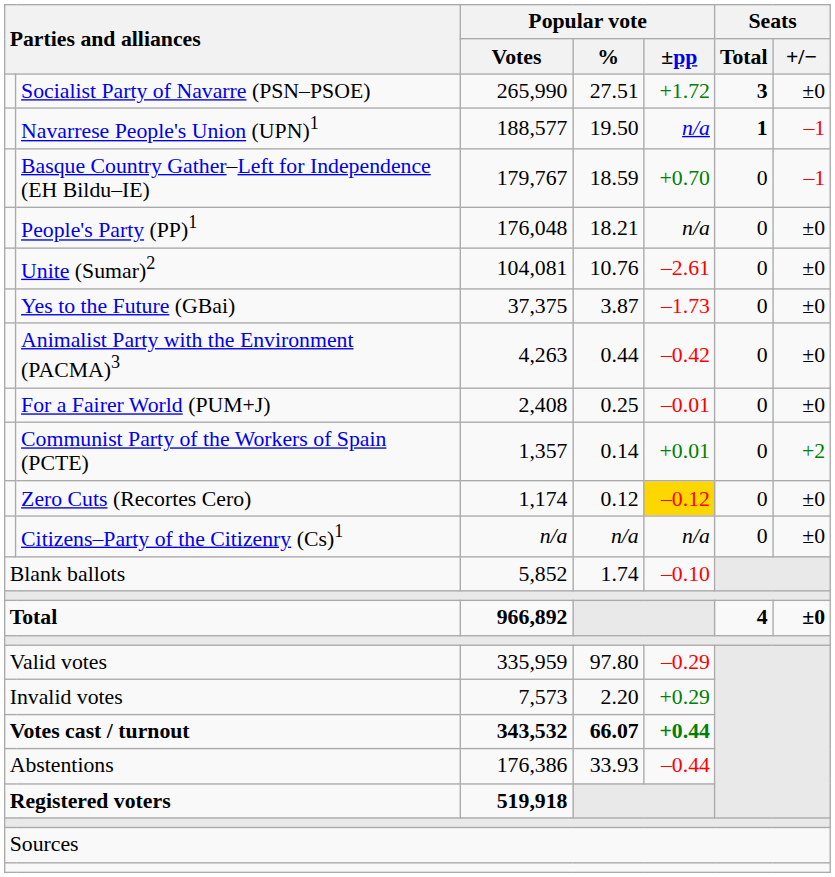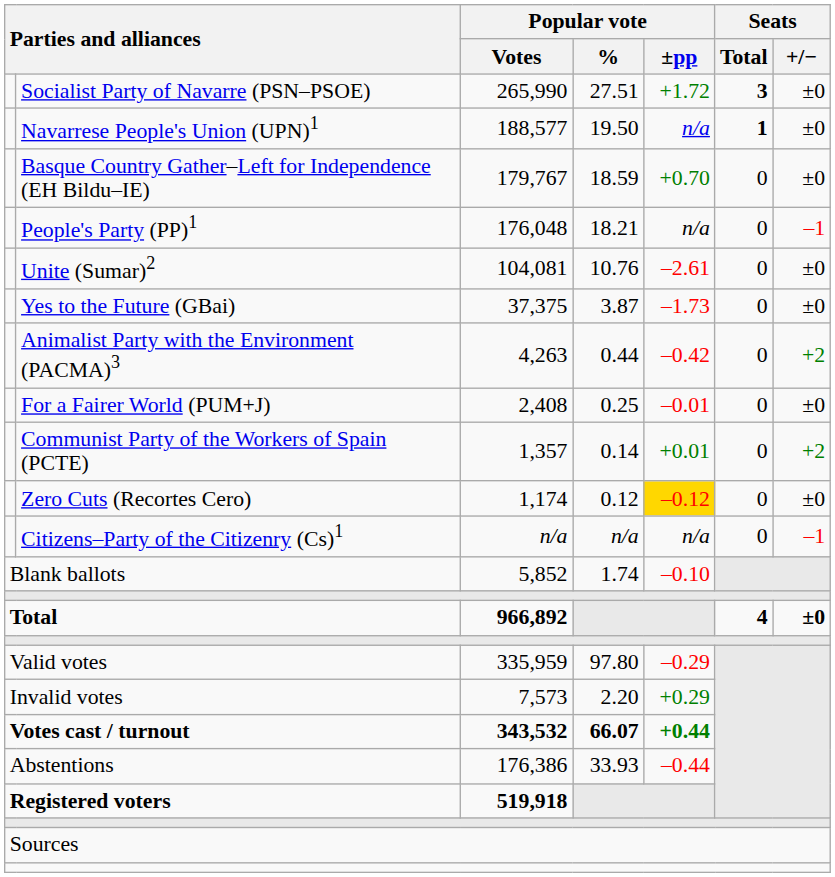 <table class="wikitable" style="text-align:right;">
 <tr>
 <th style="text-align:left;" rowspan="2" colspan="2" width="525">Parties and alliances</th>
 <th colspan="3">Popular vote</th>
 <th colspan="2">Seats</th>
 </tr>
 <tr>
 <th width="75">Votes</th>
 <th width="45">%</th>
 <th width="45">±<a href='#'>pp</a></th>
 <th width="35">Total</th>
 <th width="35">+/−</th>
 </tr>
 <tr>
 <td width="1" style="color:inherit;background:"></td>
 <td align="left"><a href='#'>Socialist Party of Navarre</a> (PSN–PSOE)</td>
 <td>265,990</td>
 <td>27.51</td>
 <td style="color:green;">+1.72</td>
 <td><strong>3</strong></td>
 <td>±0</td>
 </tr>
 <tr>
 <td style="color:inherit;background:"></td>
 <td align="left"><a href='#'>Navarrese People's Union</a> (UPN)<sup>1</sup></td>
 <td>188,577</td>
 <td>19.50</td>
 <td><em><a href='#'>n/a</a></em></td>
 <td><strong>1</strong></td>
-<td style="color:red;">–1</td>
+<td>±0</td>
 </tr>
 <tr>
 <td style="color:inherit;background:"></td>
 <td align="left"><a href='#'>Basque Country Gather</a>–<a href='#'>Left for Independence</a> (EH Bildu–IE)</td>
 <td>179,767</td>
 <td>18.59</td>
 <td style="color:green;">+0.70</td>
 <td>0</td>
-<td style="color:red;">–1</td>
+<td>±0</td>
 </tr>
 <tr>
 <td style="color:inherit;background:"></td>
 <td align="left"><a href='#'>People's Party</a> (PP)<sup>1</sup></td>
 <td>176,048</td>
 <td>18.21</td>
 <td><em>n/a</em></td>
 <td>0</td>
-<td>±0</td>
+<td style="color:red;">–1</td>
 </tr>
 <tr>
 <td style="color:inherit;background:"></td>
 <td align="left"><a href='#'>Unite</a> (Sumar)<sup>2</sup></td>
 <td>104,081</td>
 <td>10.76</td>
 <td style="color:red;">–2.61</td>
 <td>0</td>
 <td>±0</td>
 </tr>
 <tr>
 <td style="color:inherit;background:"></td>
 <td align="left"><a href='#'>Yes to the Future</a> (GBai)</td>
 <td>37,375</td>
 <td>3.87</td>
 <td style="color:red;">–1.73</td>
 <td>0</td>
 <td>±0</td>
 </tr>
 <tr>
 <td style="color:inherit;background:"></td>
 <td align="left"><a href='#'>Animalist Party with the Environment</a> (PACMA)<sup>3</sup></td>
 <td>4,263</td>
 <td>0.44</td>
 <td style="color:red;">–0.42</td>
 <td>0</td>
-<td>±0</td>
+<td style="color:green;">+2</td>
 </tr>
 <tr>
 <td style="color:inherit;background:"></td>
 <td align="left"><a href='#'>For a Fairer World</a> (PUM+J)</td>
 <td>2,408</td>
 <td>0.25</td>
 <td style="color:red;">–0.01</td>
 <td>0</td>
 <td>±0</td>
 </tr>
 <tr>
 <td style="color:inherit;background:"></td>
 <td align="left"><a href='#'>Communist Party of the Workers of Spain</a> (PCTE)</td>
 <td>1,357</td>
 <td>0.14</td>
 <td style="color:green;">+0.01</td>
 <td>0</td>
 <td style="color:green;">+2</td>
 </tr>
 <tr>
 <td style="color:inherit;background:"></td>
 <td align="left"><a href='#'>Zero Cuts</a> (Recortes Cero)</td>
 <td>1,174</td>
 <td>0.12</td>
 <td style="background: gold; color:red;">–0.12</td>
 <td>0</td>
 <td>±0</td>
 </tr>
 <tr>
 <td style="color:inherit;background:"></td>
 <td align="left"><a href='#'>Citizens–Party of the Citizenry</a> (Cs)<sup>1</sup></td>
 <td><em>n/a</em></td>
 <td><em>n/a</em></td>
 <td><em>n/a</em></td>
 <td>0</td>
-<td>±0</td>
+<td style="color:red;">–1</td>
 </tr>
 <tr>
 <td align="left" colspan="2">Blank ballots</td>
 <td>5,852</td>
 <td>1.74</td>
 <td style="color:red;">–0.10</td>
 <td bgcolor="#E9E9E9" colspan="2"></td>
 </tr>
 <tr>
 <td colspan="7" bgcolor="#E9E9E9"></td>
 </tr>
 <tr style="font-weight:bold;">
 <td align="left" colspan="2">Total</td>
 <td>966,892</td>
 <td bgcolor="#E9E9E9" colspan="2"></td>
 <td>4</td>
 <td>±0</td>
 </tr>
 <tr>
 <td colspan="7" bgcolor="#E9E9E9"></td>
 </tr>
 <tr>
 <td align="left" colspan="2">Valid votes</td>
 <td>335,959</td>
 <td>97.80</td>
 <td style="color:red;">–0.29</td>
 <td bgcolor="#E9E9E9" colspan="2" rowspan="5"></td>
 </tr>
 <tr>
 <td align="left" colspan="2">Invalid votes</td>
 <td>7,573</td>
 <td>2.20</td>
 <td style="color:green;">+0.29</td>
 </tr>
 <tr style="font-weight:bold;">
 <td align="left" colspan="2">Votes cast / turnout</td>
 <td>343,532</td>
 <td>66.07</td>
 <td style="color:green;">+0.44</td>
 </tr>
 <tr>
 <td align="left" colspan="2">Abstentions</td>
 <td>176,386</td>
 <td>33.93</td>
 <td style="color:red;">–0.44</td>
 </tr>
 <tr style="font-weight:bold;">
 <td align="left" colspan="2">Registered voters</td>
 <td>519,918</td>
 <td bgcolor="#E9E9E9" colspan="2"></td>
 </tr>
 <tr>
 <td colspan="7" bgcolor="#E9E9E9"></td>
 </tr>
 <tr>
 <td align="left" colspan="7">Sources</td>
 </tr>
 <tr>
 <td colspan="7" style="text-align:left; max-width:790px;"></td>
 </tr>
 </table>
